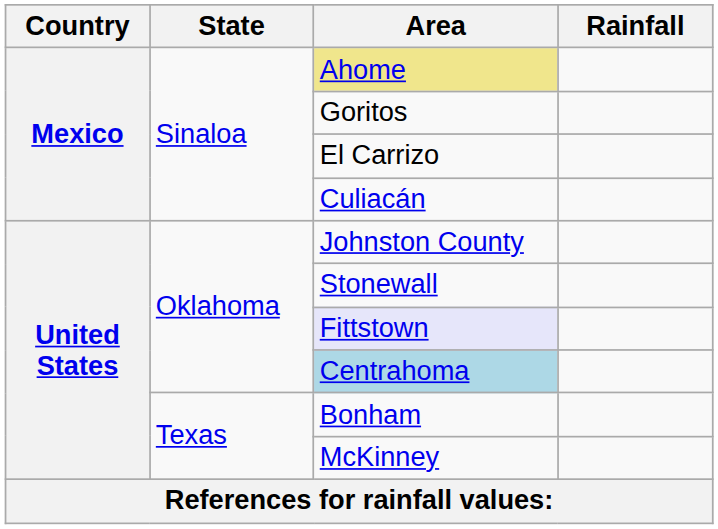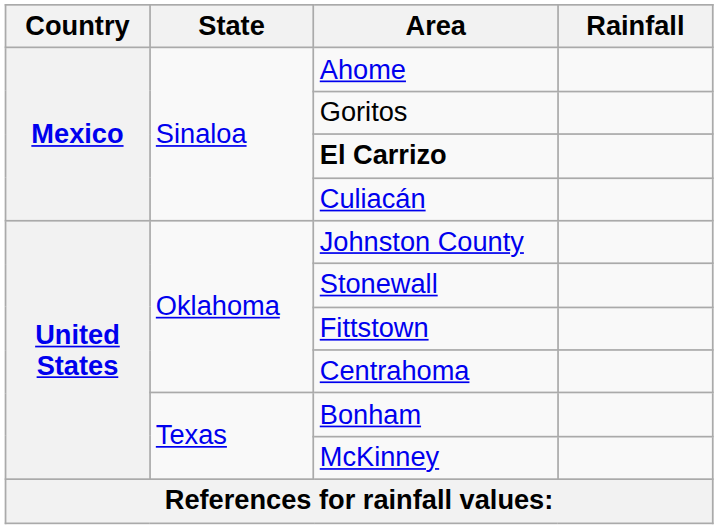 <table class="wikitable sortable" width="33%" align="right" style="margin:0 1em 0.5em 0;">
 <tr>
 <th scope="col" width="5%">Country</th>
 <th scope="col" width="5%">State</th>
 <th scope="col" width="15%">Area</th>
 <th scope="col" width="8%">Rainfall</th>
 </tr>
 <tr>
 <th rowspan=4><a href='#'>Mexico</a></th>
 <td rowspan=4><a href='#'>Sinaloa</a></td>
-<td style="background: khaki;"><a href='#'>Ahome</a></td>
+<td><a href='#'>Ahome</a></td>
 <td></td>
 </tr>
 <tr>
 <td>Goritos</td>
 <td></td>
 </tr>
 <tr>
-<td>El Carrizo</td>
+<td><strong>El Carrizo</strong></td>
 <td></td>
 </tr>
 <tr>
 <td><a href='#'>Culiacán</a></td>
 <td></td>
 </tr>
 <tr>
 <th rowspan=6><a href='#'>United States</a></th>
 <td rowspan=4><a href='#'>Oklahoma</a></td>
 <td><a href='#'>Johnston County</a></td>
 <td></td>
 </tr>
 <tr>
 <td><a href='#'>Stonewall</a></td>
 <td></td>
 </tr>
 <tr>
-<td style="background: lavender;"><a href='#'>Fittstown</a></td>
+<td><a href='#'>Fittstown</a></td>
 <td></td>
 </tr>
 <tr>
-<td style="background: lightblue;"><a href='#'>Centrahoma</a></td>
+<td><a href='#'>Centrahoma</a></td>
 <td></td>
 </tr>
 <tr>
 <td rowspan=2><a href='#'>Texas</a></td>
 <td><a href='#'>Bonham</a></td>
 <td></td>
 </tr>
 <tr>
 <td><a href='#'>McKinney</a></td>
 <td></td>
 </tr>
 <tr>
 <th colspan=4>References for rainfall values:</th>
 </tr>
 </table>
